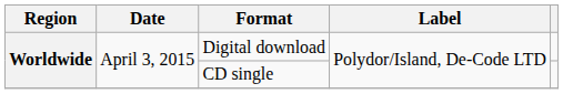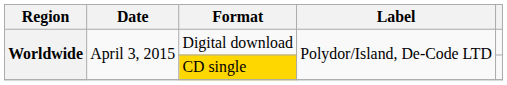 <table class="wikitable plainrowheaders">
 <tr>
 <th scope="col">Region</th>
 <th scope="col">Date</th>
 <th scope="col">Format</th>
 <th scope="col">Label</th>
 <th scope="col"></th>
 </tr>
 <tr>
 <th scope="row" rowspan="2">Worldwide</th>
 <td rowspan="2">April 3, 2015</td>
 <td>Digital download</td>
 <td rowspan="2">Polydor/Island, De-Code LTD</td>
 <td align="center"><br></td>
 </tr>
 <tr>
-<td>CD single</td>
+<td style="background: gold;">CD single</td>
 <td align="center"><br></td>
 </tr>
 <tr>
 </tr>
 </table>
